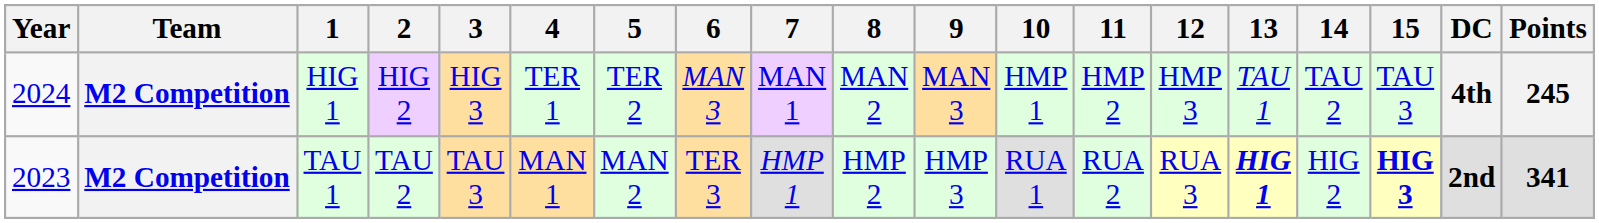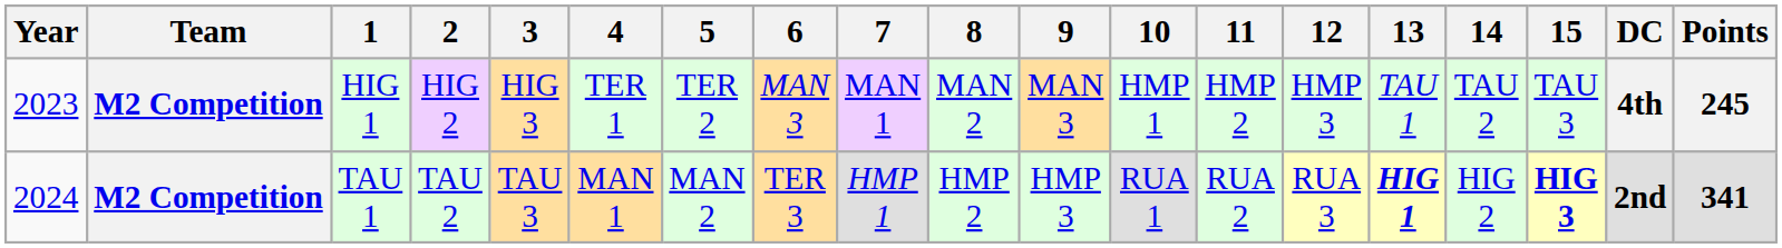 <table class="wikitable" style="text-align:center; font-size:85%">
 <tr>
 <th>Year</th>
 <th>Team</th>
 <th>1</th>
 <th>2</th>
 <th>3</th>
 <th>4</th>
 <th>5</th>
 <th>6</th>
 <th>7</th>
 <th>8</th>
 <th>9</th>
 <th>10</th>
 <th>11</th>
 <th>12</th>
 <th>13</th>
 <th>14</th>
 <th>15</th>
 <th>DC</th>
 <th>Points</th>
 </tr>
 <tr>
-<td><a href='#'>2024</a></td>
+<td><a href='#'>2023</a></td>
 <th nowrap><a href='#'>M2 Competition</a></th>
 <td style="background:#DFFFDF;"><a href='#'>HIG<br>1</a><br></td>
 <td style="background:#EFCFFF;"><a href='#'>HIG<br>2</a><br></td>
 <td style="background:#FFDF9F;"><a href='#'>HIG<br>3</a><br></td>
 <td style="background:#DFFFDF;"><a href='#'>TER<br>1</a><br></td>
 <td style="background:#DFFFDF;"><a href='#'>TER<br>2</a><br></td>
 <td style="background:#FFDF9F;"><em><a href='#'>MAN<br>3</a></em><br></td>
 <td style="background:#EFCFFF;"><a href='#'>MAN<br>1</a><br></td>
 <td style="background:#DFFFDF;"><a href='#'>MAN<br>2</a><br></td>
 <td style="background:#FFDF9F;"><a href='#'>MAN<br>3</a><br></td>
 <td style="background:#DFFFDF;"><a href='#'>HMP<br>1</a><br></td>
 <td style="background:#DFFFDF;"><a href='#'>HMP<br>2</a><br></td>
 <td style="background:#DFFFDF;"><a href='#'>HMP<br>3</a><br></td>
 <td style="background:#DFFFDF;"><em><a href='#'>TAU<br>1</a></em><br></td>
 <td style="background:#DFFFDF;"><a href='#'>TAU<br>2</a><br></td>
 <td style="background:#DFFFDF;"><a href='#'>TAU<br>3</a><br></td>
 <th style="background:#;">4th</th>
 <th style="background:#;">245</th>
 </tr>
 <tr>
-<td><a href='#'>2023</a></td>
+<td><a href='#'>2024</a></td>
 <th nowrap><a href='#'>M2 Competition</a></th>
 <td style="background:#DFFFDF;"><a href='#'>TAU<br>1</a><br></td>
 <td style="background:#DFFFDF;"><a href='#'>TAU<br>2</a><br></td>
 <td style="background:#FFDF9F;"><a href='#'>TAU<br>3</a><br></td>
 <td style="background:#FFDF9F;"><a href='#'>MAN<br>1</a><br></td>
 <td style="background:#DFFFDF;"><a href='#'>MAN<br>2</a><br></td>
 <td style="background:#FFDF9F;"><a href='#'>TER<br>3</a><br></td>
 <td style="background:#DFDFDF;"><em><a href='#'>HMP<br>1</a></em><br></td>
 <td style="background:#DFFFDF;"><a href='#'>HMP<br>2</a><br></td>
 <td style="background:#DFFFDF;"><a href='#'>HMP<br>3</a><br></td>
 <td style="background:#DFDFDF;"><a href='#'>RUA<br>1</a><br></td>
 <td style="background:#DFFFDF;"><a href='#'>RUA<br>2</a><br></td>
 <td style="background:#FFFFBF;"><a href='#'>RUA<br>3</a><br></td>
 <td style="background:#FFFFBF;"><strong><em><a href='#'>HIG<br>1</a></em></strong><br></td>
 <td style="background:#DFFFDF;"><a href='#'>HIG<br>2</a><br></td>
 <td style="background:#FFFFBF;"><strong><a href='#'>HIG<br>3</a></strong><br></td>
 <th style="background:#DFDFDF;">2nd</th>
 <th style="background:#DFDFDF;">341</th>
 </tr>
 </table>
